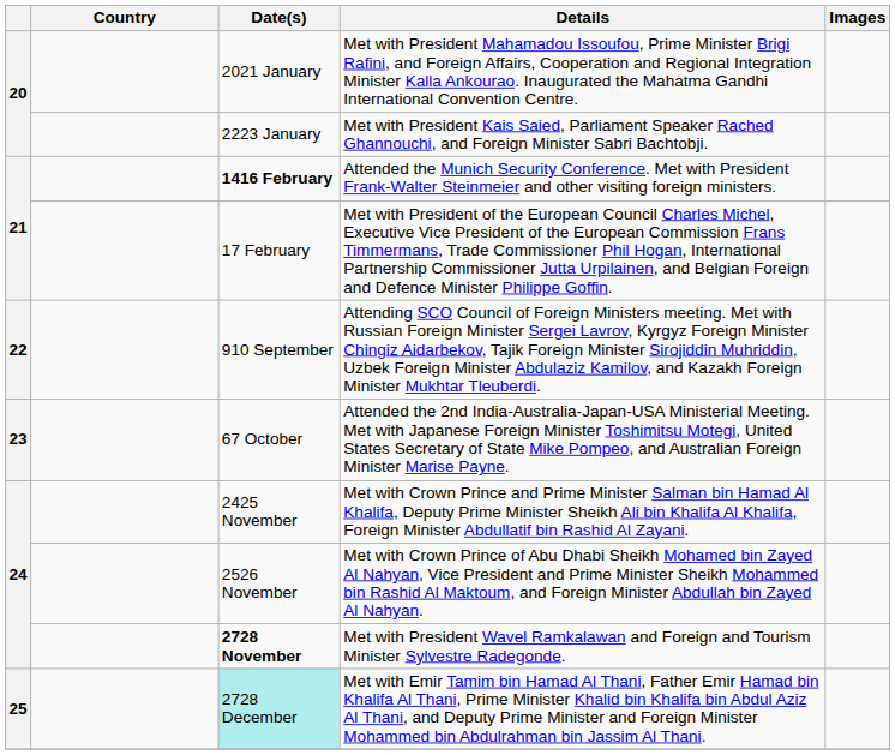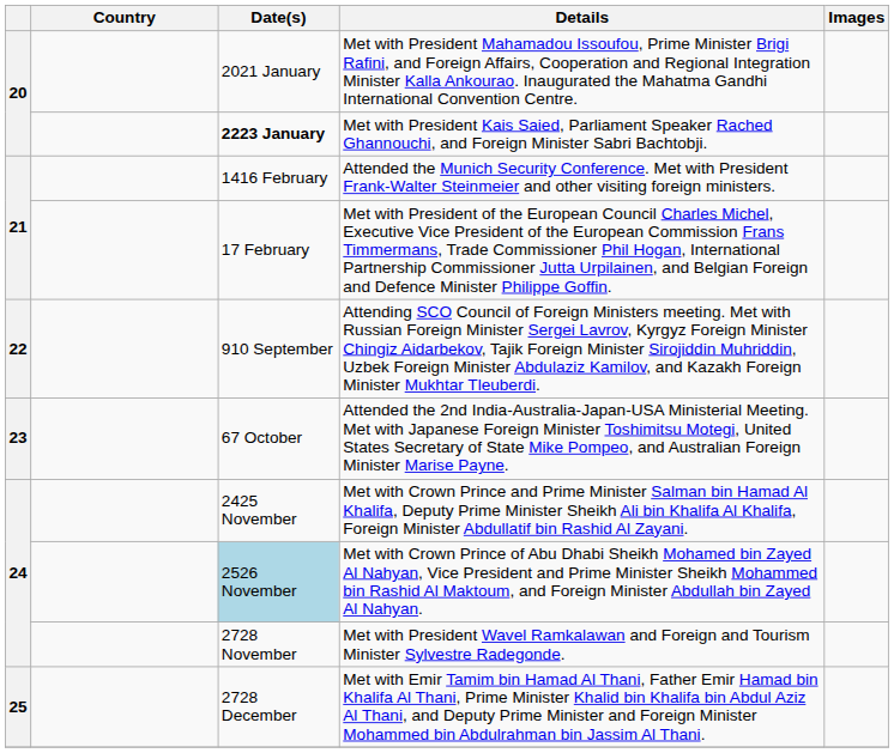 <table class="wikitable outercollapse sortable">
 <tr>
 <th></th>
 <th style="width:11em">Country</th>
 <th style="width:7em">Date(s)</th>
 <th class="unsortable">Details</th>
 <th>Images</th>
 </tr>
 <tr>
 <th rowspan="2">20</th>
 <td></td>
 <td>2021 January</td>
 <td>Met with President <a href='#'>Mahamadou Issoufou</a>, Prime Minister <a href='#'>Brigi Rafini</a>, and Foreign Affairs, Cooperation and Regional Integration Minister <a href='#'>Kalla Ankourao</a>. Inaugurated the Mahatma Gandhi International Convention Centre.</td>
 <td></td>
 </tr>
 <tr>
 <td></td>
-<td>2223 January</td>
+<td><strong>2223 January</strong></td>
 <td>Met with President <a href='#'>Kais Saied</a>, Parliament Speaker <a href='#'>Rached Ghannouchi</a>, and Foreign Minister Sabri Bachtobji.</td>
 <td></td>
 </tr>
 <tr>
 <th rowspan="2">21</th>
 <td></td>
-<td><strong>1416 February</strong></td>
+<td>1416 February</td>
 <td>Attended the <a href='#'>Munich Security Conference</a>. Met with President <a href='#'>Frank-Walter Steinmeier</a> and other visiting foreign ministers.</td>
 <td></td>
 </tr>
 <tr>
 <td></td>
 <td>17 February</td>
 <td>Met with President of the European Council <a href='#'>Charles Michel</a>, Executive Vice President of the European Commission <a href='#'>Frans Timmermans</a>, Trade Commissioner <a href='#'>Phil Hogan</a>, International Partnership Commissioner <a href='#'>Jutta Urpilainen</a>, and Belgian Foreign and Defence Minister <a href='#'>Philippe Goffin</a>.</td>
 <td></td>
 </tr>
 <tr>
 <th>22</th>
 <td></td>
 <td>910 September</td>
 <td>Attending <a href='#'>SCO</a> Council of Foreign Ministers meeting. Met with Russian Foreign Minister <a href='#'>Sergei Lavrov</a>, Kyrgyz Foreign Minister <a href='#'>Chingiz Aidarbekov</a>, Tajik Foreign Minister <a href='#'>Sirojiddin Muhriddin</a>, Uzbek Foreign Minister <a href='#'>Abdulaziz Kamilov</a>, and Kazakh Foreign Minister <a href='#'>Mukhtar Tleuberdi</a>.</td>
 <td></td>
 </tr>
 <tr>
 <th>23</th>
 <td></td>
 <td>67 October</td>
 <td>Attended the 2nd India-Australia-Japan-USA Ministerial Meeting. Met with Japanese Foreign Minister <a href='#'>Toshimitsu Motegi</a>, United States Secretary of State <a href='#'>Mike Pompeo</a>, and Australian Foreign Minister <a href='#'>Marise Payne</a>.</td>
 <td></td>
 </tr>
 <tr>
 <th rowspan="3">24</th>
 <td></td>
 <td>2425 November</td>
 <td>Met with Crown Prince and Prime Minister <a href='#'>Salman bin Hamad Al Khalifa</a>, Deputy Prime Minister Sheikh <a href='#'>Ali bin Khalifa Al Khalifa</a>, Foreign Minister <a href='#'>Abdullatif bin Rashid Al Zayani</a>.</td>
 <td></td>
 </tr>
 <tr>
 <td></td>
-<td>2526 November</td>
+<td style="background: lightblue;">2526 November</td>
 <td>Met with Crown Prince of Abu Dhabi Sheikh <a href='#'>Mohamed bin Zayed Al Nahyan</a>, Vice President and Prime Minister Sheikh <a href='#'>Mohammed bin Rashid Al Maktoum</a>, and Foreign Minister <a href='#'>Abdullah bin Zayed Al Nahyan</a>.</td>
 <td></td>
 </tr>
 <tr>
 <td></td>
-<td><strong>2728 November</strong></td>
+<td>2728 November</td>
 <td>Met with President <a href='#'>Wavel Ramkalawan</a> and Foreign and Tourism Minister <a href='#'>Sylvestre Radegonde</a>.</td>
 <td></td>
 </tr>
 <tr>
 <th>25</th>
 <td></td>
-<td style="background: paleturquoise;">2728 December</td>
+<td>2728 December</td>
 <td>Met with Emir <a href='#'>Tamim bin Hamad Al Thani</a>, Father Emir <a href='#'>Hamad bin Khalifa Al Thani</a>, Prime Minister <a href='#'>Khalid bin Khalifa bin Abdul Aziz Al Thani</a>, and Deputy Prime Minister and Foreign Minister <a href='#'>Mohammed bin Abdulrahman bin Jassim Al Thani</a>.</td>
 <td></td>
 </tr>
 <tr>
 </tr>
 </table>
